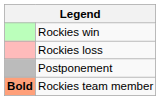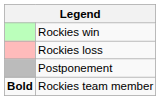 <table class="wikitable" style="font-size:90%">
 <tr>
 <th colspan="3">Legend</th>
 </tr>
 <tr>
 <td bgcolor="#bbffbb"> </td>
 <td>Rockies win</td>
 </tr>
 <tr>
 <td bgcolor="#ffbbbb"> </td>
 <td>Rockies loss</td>
 </tr>
 <tr>
 <td bgcolor="#bbbbbb"> </td>
 <td>Postponement</td>
 </tr>
 <tr>
-<td style="background: lightsalmon;"><strong>Bold</strong></td>
+<td><strong>Bold</strong></td>
 <td>Rockies team member</td>
 </tr>
 </table>
